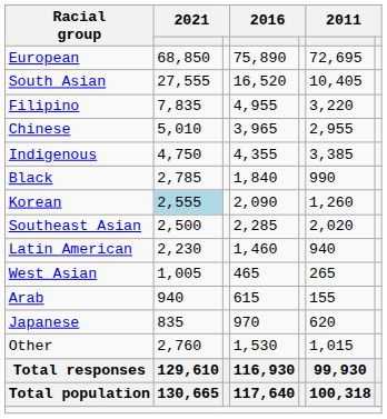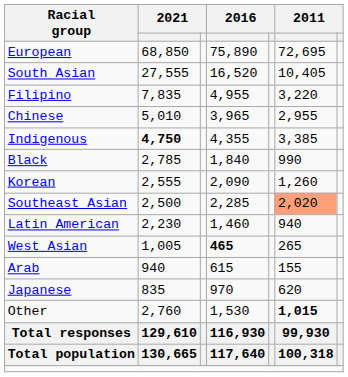 <table class="wikitable collapsible sortable">
 <tr>
 <th rowspan="2">Racial<br>group</th>
 <th colspan="2">2021</th>
 <th colspan="2">2016</th>
 <th colspan="2">2011</th>
 </tr>
 <tr>
 <th><a href='#'></a></th>
 <th></th>
 <th></th>
 <th></th>
 <th></th>
 <th></th>
 </tr>
 <tr>
 <td><a href='#'>European</a></td>
 <td>68,850</td>
 <td></td>
 <td>75,890</td>
 <td></td>
 <td>72,695</td>
 <td></td>
 </tr>
 <tr>
 <td><a href='#'>South Asian</a></td>
 <td>27,555</td>
 <td></td>
 <td>16,520</td>
 <td></td>
 <td>10,405</td>
 <td></td>
 </tr>
 <tr>
 <td><a href='#'>Filipino</a></td>
 <td>7,835</td>
 <td></td>
 <td>4,955</td>
 <td></td>
 <td>3,220</td>
 <td></td>
 </tr>
 <tr>
 <td><a href='#'>Chinese</a></td>
 <td>5,010</td>
 <td></td>
 <td>3,965</td>
 <td></td>
 <td>2,955</td>
 <td></td>
 </tr>
 <tr>
 <td><a href='#'>Indigenous</a></td>
-<td>4,750</td>
+<td><strong>4,750</strong></td>
 <td></td>
 <td>4,355</td>
 <td></td>
 <td>3,385</td>
 <td></td>
 </tr>
 <tr>
 <td><a href='#'>Black</a></td>
 <td>2,785</td>
 <td></td>
 <td>1,840</td>
 <td></td>
 <td>990</td>
 <td></td>
 </tr>
 <tr>
 <td><a href='#'>Korean</a></td>
-<td style="background: lightblue;">2,555</td>
+<td>2,555</td>
 <td></td>
 <td>2,090</td>
 <td></td>
 <td>1,260</td>
 <td></td>
 </tr>
 <tr>
 <td><a href='#'>Southeast Asian</a></td>
 <td>2,500</td>
 <td></td>
 <td>2,285</td>
 <td></td>
-<td>2,020</td>
+<td style="background: lightsalmon;">2,020</td>
 <td></td>
 </tr>
 <tr>
 <td><a href='#'>Latin American</a></td>
 <td>2,230</td>
 <td></td>
 <td>1,460</td>
 <td></td>
 <td>940</td>
 <td></td>
 </tr>
 <tr>
 <td><a href='#'>West Asian</a></td>
 <td>1,005</td>
 <td></td>
-<td>465</td>
+<td><strong>465</strong></td>
 <td></td>
 <td>265</td>
 <td></td>
 </tr>
 <tr>
 <td><a href='#'>Arab</a></td>
 <td>940</td>
 <td></td>
 <td>615</td>
 <td></td>
 <td>155</td>
 <td></td>
 </tr>
 <tr>
 <td><a href='#'>Japanese</a></td>
 <td>835</td>
 <td></td>
 <td>970</td>
 <td></td>
 <td>620</td>
 <td></td>
 </tr>
 <tr>
 <td>Other</td>
 <td>2,760</td>
 <td></td>
 <td>1,530</td>
 <td></td>
-<td>1,015</td>
+<td><strong>1,015</strong></td>
 <td></td>
 </tr>
 <tr>
 <th>Total responses</th>
 <th>129,610</th>
 <th></th>
 <th>116,930</th>
 <th></th>
 <th>99,930</th>
 <th></th>
 </tr>
 <tr>
 <th>Total population</th>
 <th>130,665</th>
 <th></th>
 <th>117,640</th>
 <th></th>
 <th>100,318</th>
 <th></th>
 </tr>
 <tr class="sortbottom">
 <td colspan="15"></td>
 </tr>
 </table>
